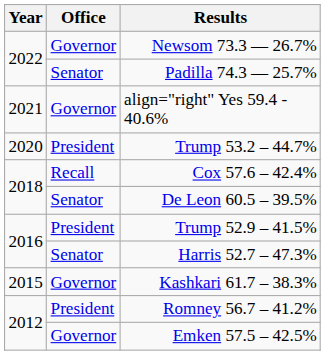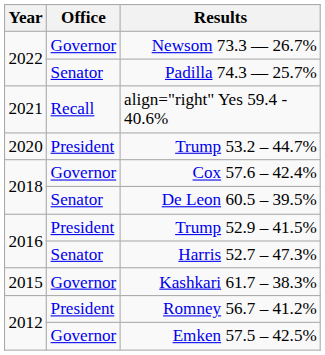 <table class=wikitable>
 <tr>
 <th width="30">Year</th>
 <th width="60">Office</th>
 <th width="180">Results</th>
 </tr>
 <tr>
 <td rowspan="2">2022</td>
 <td><a href='#'>Governor</a></td>
 <td align="right" ><a href='#'>Newsom</a> 73.3 — 26.7%</td>
 </tr>
 <tr>
 <td><a href='#'>Senator</a></td>
 <td align="right"  ><a href='#'>Padilla</a> 74.3 — 25.7%</td>
 </tr>
 <tr>
 <td>2021</td>
-<td><a href='#'>Governor</a></td>
+<td><a href='#'>Recall</a></td>
 <td>align="right"  Yes 59.4 - 40.6%</td>
 </tr>
 <tr>
 <td>2020</td>
 <td><a href='#'>President</a></td>
 <td align="right" ><a href='#'>Trump</a> 53.2 – 44.7%</td>
 </tr>
 <tr>
 <td rowspan="2">2018</td>
-<td><a href='#'>Recall</a></td>
+<td><a href='#'>Governor</a></td>
 <td align="right" ><a href='#'>Cox</a> 57.6 – 42.4%</td>
 </tr>
 <tr>
 <td><a href='#'>Senator</a></td>
 <td align="right" ><a href='#'>De Leon</a> 60.5 – 39.5%</td>
 </tr>
 <tr>
 <td rowspan="2">2016</td>
 <td><a href='#'>President</a></td>
 <td align="right" ><a href='#'>Trump</a> 52.9 – 41.5%</td>
 </tr>
 <tr>
 <td><a href='#'>Senator</a></td>
 <td align="right" ><a href='#'>Harris</a> 52.7 – 47.3%</td>
 </tr>
 <tr>
 <td>2015</td>
 <td><a href='#'>Governor</a></td>
 <td align="right" ><a href='#'>Kashkari</a> 61.7 – 38.3%</td>
 </tr>
 <tr>
 <td rowspan="2">2012</td>
 <td><a href='#'>President</a></td>
 <td align="right" ><a href='#'>Romney</a> 56.7 – 41.2%</td>
 </tr>
 <tr>
 <td><a href='#'>Governor</a></td>
 <td align="right" ><a href='#'>Emken</a> 57.5 – 42.5%</td>
 </tr>
 </table>
